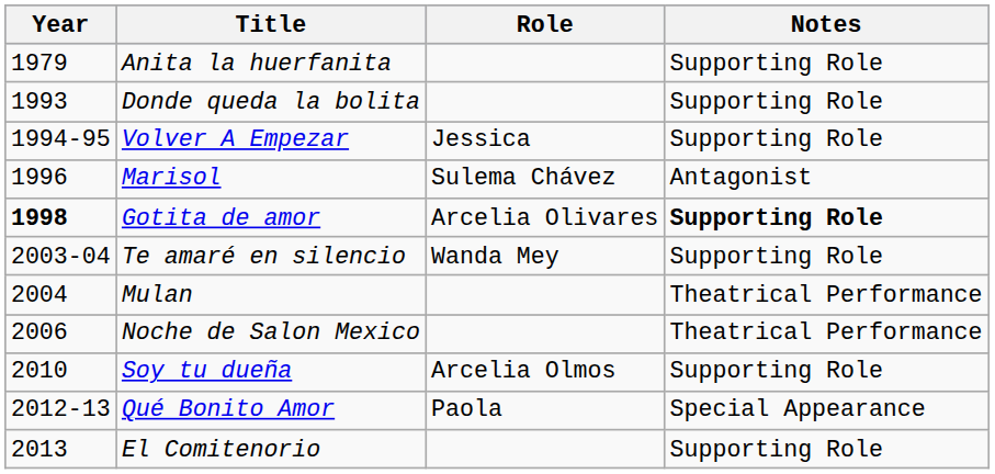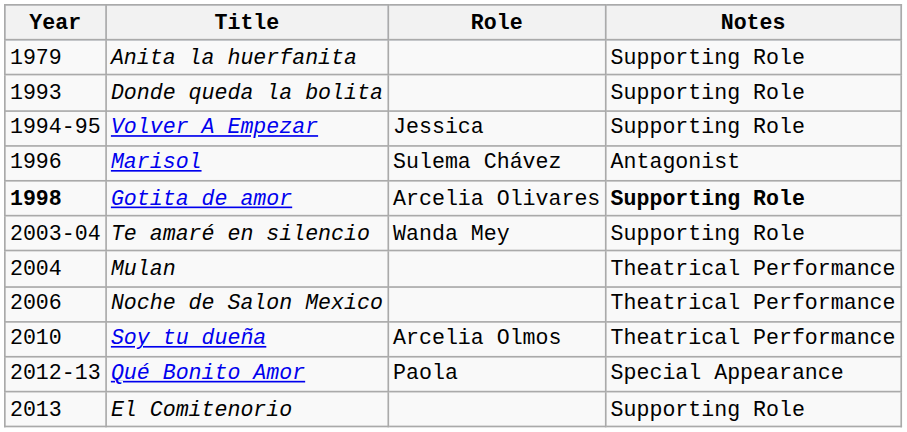 <table class="wikitable">
 <tr style="background:#b0c4de;">
 <th>Year</th>
 <th>Title</th>
 <th>Role</th>
 <th>Notes</th>
 </tr>
 <tr>
 <td>1979</td>
 <td><em>Anita la huerfanita</em></td>
 <td></td>
 <td>Supporting Role</td>
 </tr>
 <tr>
 <td>1993</td>
 <td><em>Donde queda la bolita</em></td>
 <td></td>
 <td>Supporting Role</td>
 </tr>
 <tr>
 <td>1994-95</td>
 <td><em><a href='#'>Volver A Empezar</a></em></td>
 <td>Jessica</td>
 <td>Supporting Role</td>
 </tr>
 <tr>
 <td>1996</td>
 <td><em><a href='#'>Marisol</a></em></td>
 <td>Sulema Chávez</td>
 <td>Antagonist</td>
 </tr>
 <tr>
 <td><strong>1998</strong></td>
 <td><em><a href='#'>Gotita de amor</a></em></td>
 <td>Arcelia Olivares</td>
 <td><strong>Supporting Role</strong></td>
 </tr>
 <tr>
 <td>2003-04</td>
 <td><em>Te amaré en silencio</em></td>
 <td>Wanda Mey</td>
 <td>Supporting Role</td>
 </tr>
 <tr>
 <td>2004</td>
 <td><em>Mulan</em></td>
 <td></td>
 <td>Theatrical Performance</td>
 </tr>
 <tr>
 <td>2006</td>
 <td><em>Noche de Salon Mexico</em></td>
 <td></td>
 <td>Theatrical Performance</td>
 </tr>
 <tr>
 <td>2010</td>
 <td><em><a href='#'>Soy tu dueña</a></em></td>
 <td>Arcelia Olmos</td>
-<td>Supporting Role</td>
+<td>Theatrical Performance</td>
 </tr>
 <tr>
 <td>2012-13</td>
 <td><em><a href='#'>Qué Bonito Amor</a></em></td>
 <td>Paola</td>
 <td>Special Appearance</td>
 </tr>
 <tr>
 <td>2013</td>
 <td><em>El Comitenorio</em></td>
 <td></td>
 <td>Supporting Role</td>
 </tr>
 </table>
